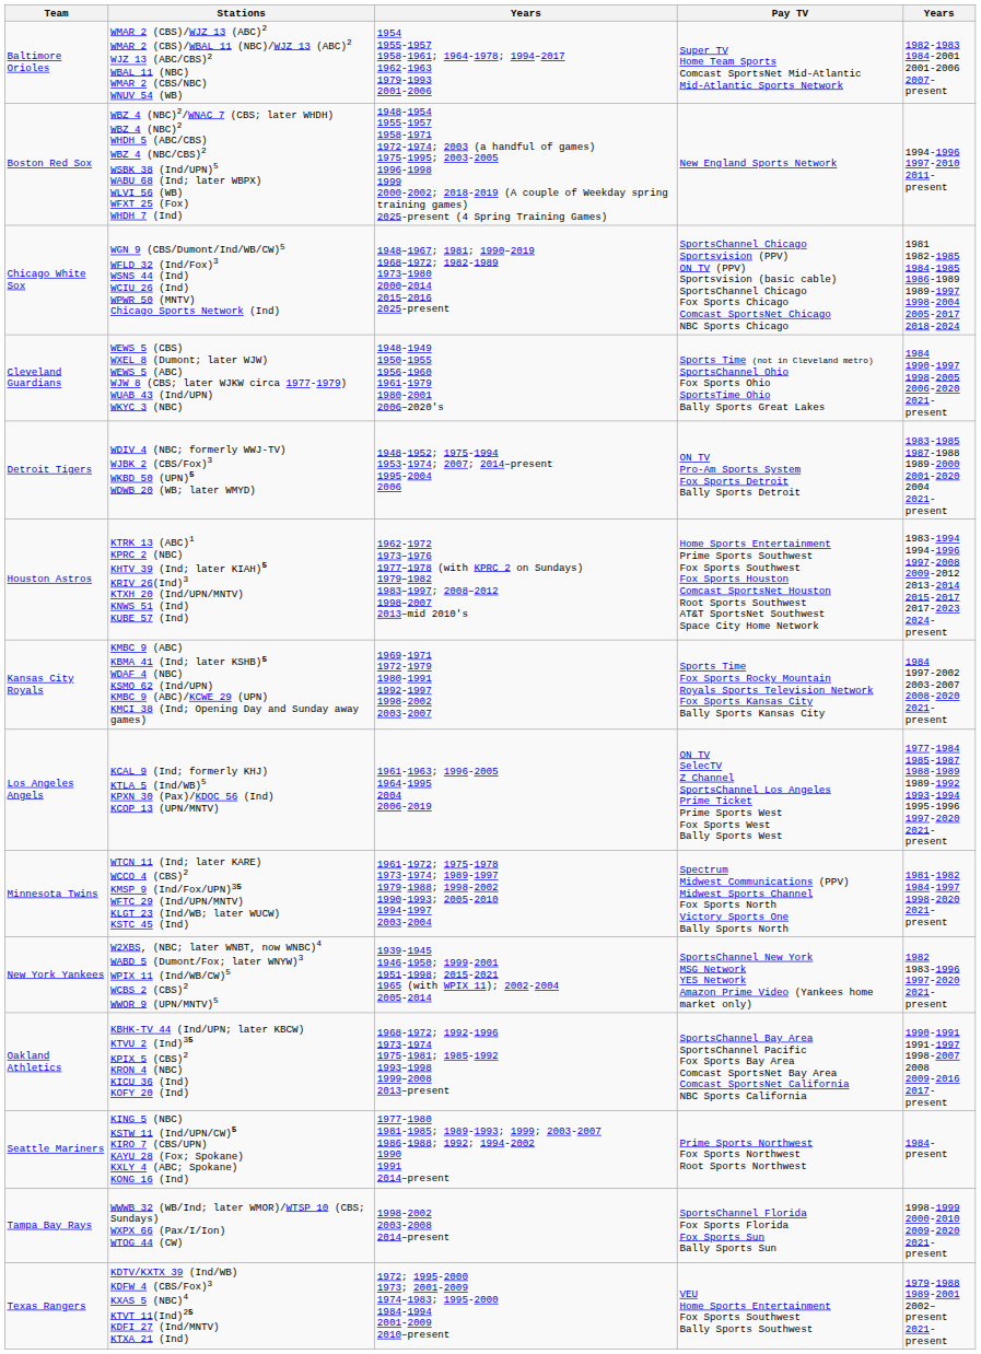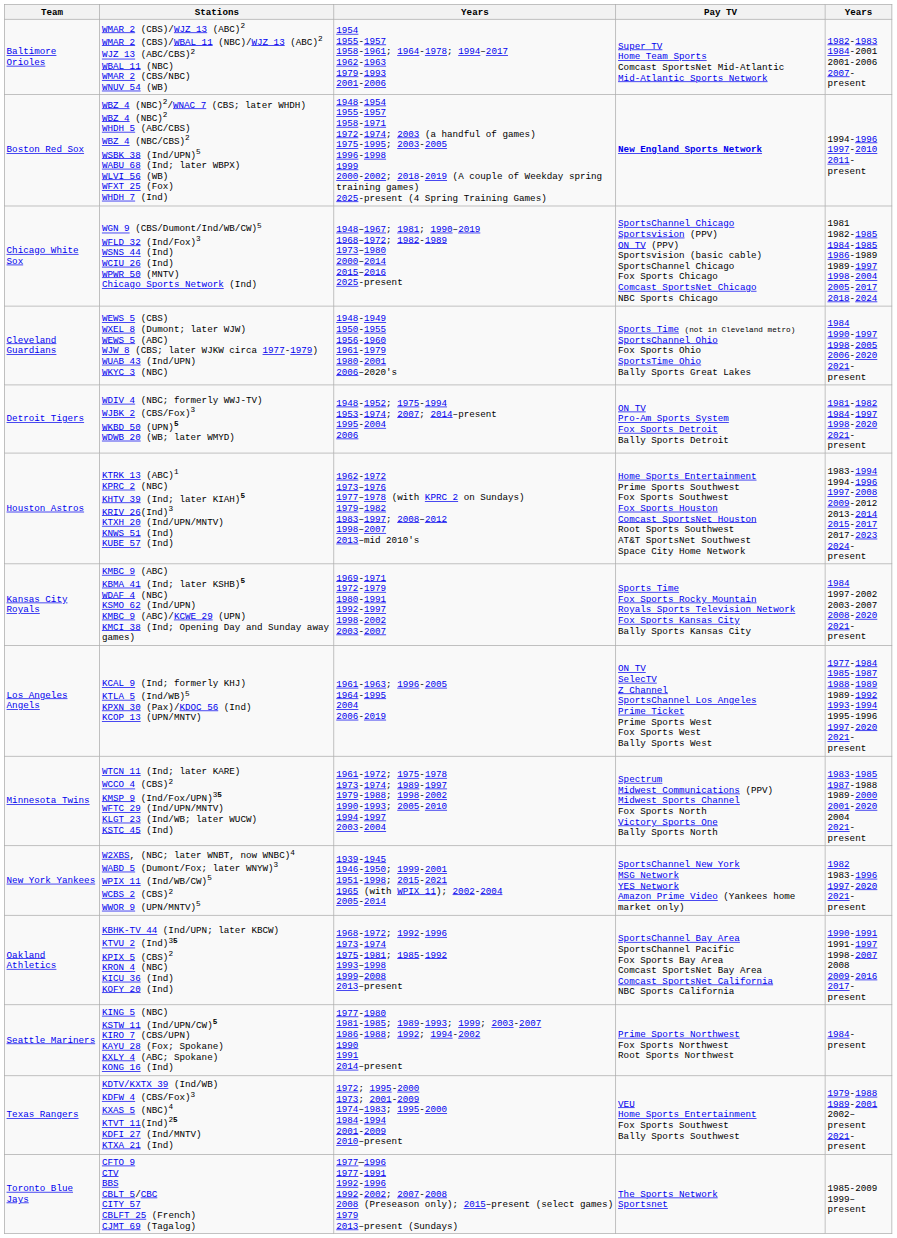 <table class="wikitable">
 <tr>
 <th>Team</th>
 <th>Stations</th>
 <th>Years</th>
 <th>Pay TV</th>
 <th>Years</th>
 </tr>
 <tr>
 <td><a href='#'>Baltimore Orioles</a></td>
 <td><a href='#'>WMAR 2</a> (CBS)/<a href='#'>WJZ 13</a> (ABC)<sup>2</sup><br><a href='#'>WMAR 2</a> (CBS)/<a href='#'>WBAL 11</a> (NBC)/<a href='#'>WJZ 13</a> (ABC)<sup>2</sup><br><a href='#'>WJZ 13</a> (ABC/CBS)<sup>2</sup><br><a href='#'>WBAL 11</a> (NBC)<br><a href='#'>WMAR 2</a> (CBS/NBC)<br><a href='#'>WNUV 54</a> (WB)</td>
 <td><a href='#'>1954</a><br><a href='#'>1955</a>-<a href='#'>1957</a><br><a href='#'>1958</a>-<a href='#'>1961</a>; <a href='#'>1964</a>-<a href='#'>1978</a>; <a href='#'>1994</a>–<a href='#'>2017</a><br><a href='#'>1962</a>-<a href='#'>1963</a><br><a href='#'>1979</a>-<a href='#'>1993</a><br><a href='#'>2001</a>-<a href='#'>2006</a></td>
 <td><br><a href='#'>Super TV</a><br> <a href='#'>Home Team Sports</a><br> Comcast SportsNet Mid-Atlantic<br> <a href='#'>Mid-Atlantic Sports Network</a></td>
 <td><br><a href='#'>1982</a>-<a href='#'>1983</a><br> <a href='#'>1984</a>-2001<br> 2001-2006<br> <a href='#'>2007</a>-present</td>
 </tr>
 <tr>
 <td><a href='#'>Boston Red Sox</a></td>
 <td><a href='#'>WBZ 4</a> (NBC)<sup>2</sup>/<a href='#'>WNAC 7</a> (CBS; later WHDH)<br><a href='#'>WBZ 4</a> (NBC)<sup>2</sup><br><a href='#'>WHDH 5</a> (ABC/CBS)<br><a href='#'>WBZ 4</a> (NBC/CBS)<sup>2</sup><br><a href='#'>WSBK 38</a> (Ind/UPN)<sup>5</sup><br><a href='#'>WABU 68</a> (Ind; later WBPX)<br><a href='#'>WLVI 56</a> (WB)<br><a href='#'>WFXT 25</a> (Fox)<br><a href='#'>WHDH 7</a> (Ind)</td>
 <td><a href='#'>1948</a>-<a href='#'>1954</a><br><a href='#'>1955</a>-<a href='#'>1957</a><br><a href='#'>1958</a>-<a href='#'>1971</a><br><a href='#'>1972</a>-<a href='#'>1974</a>; <a href='#'>2003</a> (a handful of games)<br><a href='#'>1975</a>-<a href='#'>1995</a>; <a href='#'>2003</a>-<a href='#'>2005</a><br><a href='#'>1996</a>-<a href='#'>1998</a><br><a href='#'>1999</a><br><a href='#'>2000</a>-<a href='#'>2002</a>; <a href='#'>2018</a>-<a href='#'>2019</a> (A couple of Weekday spring training games)<br><a href='#'>2025</a>-present (4 Spring Training Games)</td>
-<td><a href='#'>New England Sports Network</a></td>
+<td><strong><a href='#'>New England Sports Network</a></strong></td>
 <td><br>1994-<a href='#'>1996</a><br> <a href='#'>1997</a>-<a href='#'>2010</a><br> <a href='#'>2011</a>-present</td>
 </tr>
 <tr>
 <td><a href='#'>Chicago White Sox</a></td>
 <td><a href='#'>WGN 9</a> (CBS/Dumont/Ind/WB/CW)<sup>5</sup><br><a href='#'>WFLD 32</a> (Ind/Fox)<sup>3</sup><br><a href='#'>WSNS 44</a> (Ind)<br><a href='#'>WCIU 26</a> (Ind)<br><a href='#'>WPWR 50</a> (MNTV)<br><a href='#'>Chicago Sports Network</a> (Ind)</td>
 <td><a href='#'>1948</a>–<a href='#'>1967</a>; <a href='#'>1981</a>; <a href='#'>1990</a>–<a href='#'>2019</a><br><a href='#'>1968</a>–<a href='#'>1972</a>; <a href='#'>1982</a>-<a href='#'>1989</a><br><a href='#'>1973</a>–<a href='#'>1980</a><br><a href='#'>2000</a>–<a href='#'>2014</a><br><a href='#'>2015</a>–<a href='#'>2016</a><br><a href='#'>2025</a>-present</td>
 <td><br><a href='#'>SportsChannel Chicago</a><br> <a href='#'>Sportsvision</a> (PPV)<br> <a href='#'>ON TV</a> (PPV)<br> Sportsvision (basic cable)<br> SportsChannel Chicago<br>  Fox Sports Chicago<br> <a href='#'>Comcast SportsNet Chicago</a><br> NBC Sports Chicago</td>
 <td><br>1981<br> 1982-<a href='#'>1985</a><br> <a href='#'>1984</a>-<a href='#'>1985</a><br> <a href='#'>1986</a>-1989<br> 1989-<a href='#'>1997</a><br> <a href='#'>1998</a>-<a href='#'>2004</a><br> <a href='#'>2005</a>-<a href='#'>2017</a><br> <a href='#'>2018</a>-<a href='#'>2024</a></td>
 </tr>
 <tr>
 <td><a href='#'>Cleveland Guardians</a></td>
 <td><a href='#'>WEWS 5</a> (CBS)<br><a href='#'>WXEL 8</a> (Dumont; later WJW)<br><a href='#'>WEWS 5</a> (ABC)<br><a href='#'>WJW 8</a> (CBS; later WJKW circa <a href='#'>1977</a>-<a href='#'>1979</a>)<br><a href='#'>WUAB 43</a> (Ind/UPN)<br><a href='#'>WKYC 3</a> (NBC)</td>
 <td><a href='#'>1948</a>-<a href='#'>1949</a><br><a href='#'>1950</a>-<a href='#'>1955</a><br><a href='#'>1956</a>-<a href='#'>1960</a><br><a href='#'>1961</a>-<a href='#'>1979</a><br><a href='#'>1980</a>-<a href='#'>2001</a><br><a href='#'>2006</a>–2020's</td>
 <td><br><a href='#'>Sports Time</a> <small>(not in Cleveland metro)</small><br> <a href='#'>SportsChannel Ohio</a><br> Fox Sports Ohio<br> <a href='#'>SportsTime Ohio</a><br> Bally Sports Great Lakes</td>
 <td><br><a href='#'>1984</a><br> <a href='#'>1990</a>-<a href='#'>1997</a><br> <a href='#'>1998</a>-<a href='#'>2005</a><br> <a href='#'>2006</a>-<a href='#'>2020</a><br> <a href='#'>2021</a>-present</td>
 </tr>
 <tr>
 <td><a href='#'>Detroit Tigers</a></td>
 <td><a href='#'>WDIV 4</a> (NBC; formerly WWJ-TV)<br><a href='#'>WJBK 2</a> (CBS/Fox)<sup>3</sup><br><a href='#'>WKBD 50</a> (UPN)<sup><strong>5</strong></sup><br><a href='#'>WDWB 20</a> (WB; later WMYD)</td>
 <td><a href='#'>1948</a>-<a href='#'>1952</a>; <a href='#'>1975</a>-<a href='#'>1994</a><br><a href='#'>1953</a>-<a href='#'>1974</a>; <a href='#'>2007</a>; <a href='#'>2014</a>–present<br><a href='#'>1995</a>-<a href='#'>2004</a><br><a href='#'>2006</a></td>
 <td><br><a href='#'>ON TV</a><br> <a href='#'>Pro-Am Sports System</a><br> <a href='#'>Fox Sports Detroit</a><br> Bally Sports Detroit</td>
-<td><br><a href='#'>1983</a>-<a href='#'>1985</a><br> <a href='#'>1987</a>-1988<br> 1989-<a href='#'>2000</a><br> <a href='#'>2001</a>-<a href='#'>2020</a><br> 2004<br> <a href='#'>2021</a>-present<br></td>
+<td><br><a href='#'>1981</a>-<a href='#'>1982</a><br> <a href='#'>1984</a>-<a href='#'>1997</a><br> <a href='#'>1998</a>-<a href='#'>2020</a><br> <a href='#'>2021</a>-present</td>
 </tr>
 <tr>
 <td><a href='#'>Houston Astros</a></td>
 <td><a href='#'>KTRK 13</a> (ABC)<sup>1</sup><br><a href='#'>KPRC 2</a> (NBC)<br><a href='#'>KHTV 39</a> (Ind; later KIAH)<sup><strong>5</strong></sup><br><a href='#'>KRIV 26</a>(Ind)<sup>3</sup><br><a href='#'>KTXH 20</a> (Ind/UPN/MNTV)<br><a href='#'>KNWS 51</a> (Ind)<br><a href='#'>KUBE 57</a> (Ind)</td>
 <td><a href='#'>1962</a>-<a href='#'>1972</a><br><a href='#'>1973</a>–<a href='#'>1976</a><br><a href='#'>1977</a>–<a href='#'>1978</a> (with <a href='#'>KPRC 2</a> on Sundays)<br><a href='#'>1979</a>–<a href='#'>1982</a><br><a href='#'>1983</a>–<a href='#'>1997</a>; <a href='#'>2008</a>–<a href='#'>2012</a><br><a href='#'>1998</a>–<a href='#'>2007</a><br><a href='#'>2013</a>–mid 2010's</td>
 <td><br><a href='#'>Home Sports Entertainment</a><br>  Prime Sports Southwest<br> Fox Sports Southwest<br> <a href='#'>Fox Sports Houston</a><br> <a href='#'>Comcast SportsNet Houston</a><br> Root Sports Southwest<br> AT&T SportsNet Southwest<br> Space City Home Network</td>
 <td><br>1983-<a href='#'>1994</a><br> 1994-<a href='#'>1996</a><br> <a href='#'>1997</a>-<a href='#'>2008</a><br> <a href='#'>2009</a>-2012<br> 2013-<a href='#'>2014</a><br> <a href='#'>2015</a>-<a href='#'>2017</a><br> 2017-<a href='#'>2023</a><br> <a href='#'>2024</a>-present</td>
 </tr>
 <tr>
 <td><a href='#'>Kansas City Royals</a></td>
 <td><a href='#'>KMBC 9</a> (ABC)<br><a href='#'>KBMA 41</a> (Ind; later KSHB)<sup><strong>5</strong></sup><br><a href='#'>WDAF 4</a> (NBC)<br><a href='#'>KSMO 62</a> (Ind/UPN)<br><a href='#'>KMBC 9</a> (ABC)/<a href='#'>KCWE 29</a> (UPN)<br><a href='#'>KMCI 38</a> (Ind; Opening Day and Sunday away games)</td>
 <td><a href='#'>1969</a>-<a href='#'>1971</a><br><a href='#'>1972</a>-<a href='#'>1979</a><br><a href='#'>1980</a>-<a href='#'>1991</a><br><a href='#'>1992</a>-<a href='#'>1997</a><br><a href='#'>1998</a>-<a href='#'>2002</a><br><a href='#'>2003</a>-<a href='#'>2007</a></td>
 <td><br><a href='#'>Sports Time</a><br> <a href='#'>Fox Sports Rocky Mountain</a><br> <a href='#'>Royals Sports Television Network</a><br> <a href='#'>Fox Sports Kansas City</a><br> Bally Sports Kansas City</td>
 <td><br><a href='#'>1984</a><br> 1997-2002<br> 2003-2007<br> <a href='#'>2008</a>-<a href='#'>2020</a><br> <a href='#'>2021</a>-present</td>
 </tr>
 <tr>
 <td><a href='#'>Los Angeles Angels</a></td>
 <td><a href='#'>KCAL 9</a> (Ind; formerly KHJ)<br><a href='#'>KTLA 5</a> (Ind/WB)<sup>5</sup><br><a href='#'>KPXN 30</a> (Pax)/<a href='#'>KDOC 56</a> (Ind)<br><a href='#'>KCOP 13</a> (UPN/MNTV)</td>
 <td><a href='#'>1961</a>-<a href='#'>1963</a>; <a href='#'>1996</a>-<a href='#'>2005</a><br><a href='#'>1964</a>-<a href='#'>1995</a><br><a href='#'>2004</a><br><a href='#'>2006</a>-<a href='#'>2019</a></td>
 <td><br><a href='#'>ON TV</a><br> <a href='#'>SelecTV</a><br> <a href='#'>Z Channel</a><br> <a href='#'>SportsChannel Los Angeles</a><br> <a href='#'>Prime Ticket</a><br> Prime Sports West<br> Fox Sports West<br> Bally Sports West<br></td>
 <td><br><a href='#'>1977</a>-<a href='#'>1984</a><br> <a href='#'>1985</a>-<a href='#'>1987</a><br> <a href='#'>1988</a>-<a href='#'>1989</a><br> 1989-<a href='#'>1992</a><br> <a href='#'>1993</a>-<a href='#'>1994</a><br> 1995-1996<br> <a href='#'>1997</a>-<a href='#'>2020</a><br> <a href='#'>2021</a>-present</td>
 </tr>
 <tr>
 <td><a href='#'>Minnesota Twins</a></td>
 <td><a href='#'>WTCN 11</a> (Ind; later KARE)<br><a href='#'>WCCO 4</a> (CBS)<sup>2</sup><br><a href='#'>KMSP 9</a> (Ind/Fox/UPN)<sup>3<strong>5</strong></sup><br><a href='#'>WFTC 29</a> (Ind/UPN/MNTV)<br><a href='#'>KLGT 23</a> (Ind/WB; later WUCW)<br><a href='#'>KSTC 45</a> (Ind)</td>
 <td><a href='#'>1961</a>-<a href='#'>1972</a>; <a href='#'>1975</a>-<a href='#'>1978</a><br><a href='#'>1973</a>-<a href='#'>1974</a>; <a href='#'>1989</a>-<a href='#'>1997</a><br><a href='#'>1979</a>-<a href='#'>1988</a>; <a href='#'>1998</a>-<a href='#'>2002</a><br><a href='#'>1990</a>-<a href='#'>1993</a>; <a href='#'>2005</a>-<a href='#'>2010</a><br><a href='#'>1994</a>-<a href='#'>1997</a><br><a href='#'>2003</a>-<a href='#'>2004</a></td>
 <td><br><a href='#'>Spectrum</a><br> <a href='#'>Midwest Communications</a> (PPV)<br> <a href='#'>Midwest Sports Channel</a><br> Fox Sports North<br> <a href='#'>Victory Sports One</a><br> Bally Sports North<br></td>
-<td><br><a href='#'>1981</a>-<a href='#'>1982</a><br> <a href='#'>1984</a>-<a href='#'>1997</a><br> <a href='#'>1998</a>-<a href='#'>2020</a><br> <a href='#'>2021</a>-present</td>
+<td><br><a href='#'>1983</a>-<a href='#'>1985</a><br> <a href='#'>1987</a>-1988<br> 1989-<a href='#'>2000</a><br> <a href='#'>2001</a>-<a href='#'>2020</a><br> 2004<br> <a href='#'>2021</a>-present<br></td>
 </tr>
 <tr>
 <td><a href='#'>New York Yankees</a></td>
 <td><a href='#'>W2XBS</a>, (NBC; later WNBT, now WNBC)<sup>4</sup><br><a href='#'>WABD 5</a> (Dumont/Fox; later WNYW)<sup>3</sup><br><a href='#'>WPIX 11</a> (Ind/WB/CW)<sup>5</sup><br><a href='#'>WCBS 2</a> (CBS)<sup>2</sup><br><a href='#'>WWOR 9</a> (UPN/MNTV)<sup>5</sup></td>
 <td><a href='#'>1939</a>-<a href='#'>1945</a><br><a href='#'>1946</a>-<a href='#'>1950</a>; <a href='#'>1999</a>-<a href='#'>2001</a><br><a href='#'>1951</a>-<a href='#'>1998</a>; <a href='#'>2015</a>-<a href='#'>2021</a><br><a href='#'>1965</a> (with <a href='#'>WPIX 11</a>); <a href='#'>2002</a>-<a href='#'>2004</a><br><a href='#'>2005</a>-<a href='#'>2014</a></td>
 <td><br><a href='#'>SportsChannel New York</a><br> <a href='#'>MSG Network</a><br> <a href='#'>YES Network</a><br> <a href='#'>Amazon Prime Video</a> (Yankees home market only)</td>
 <td><br><a href='#'>1982</a><br> 1983-<a href='#'>1996</a><br> <a href='#'>1997</a>-<a href='#'>2020</a><br> <a href='#'>2021</a>-present</td>
 </tr>
 <tr>
 <td><a href='#'>Oakland Athletics</a></td>
 <td><a href='#'>KBHK-TV 44</a> (Ind/UPN; later KBCW)<br><a href='#'>KTVU 2</a> (Ind)<sup>3<strong>5</strong></sup><br><a href='#'>KPIX 5</a> (CBS)<sup>2</sup><br><a href='#'>KRON 4</a> (NBC)<br><a href='#'>KICU 36</a> (Ind)<br><a href='#'>KOFY 20</a> (Ind)</td>
 <td><a href='#'>1968</a>-<a href='#'>1972</a>; <a href='#'>1992</a>-<a href='#'>1996</a><br><a href='#'>1973</a>-<a href='#'>1974</a><br><a href='#'>1975</a>-<a href='#'>1981</a>; <a href='#'>1985</a>-<a href='#'>1992</a><br><a href='#'>1993</a>–<a href='#'>1998</a><br><a href='#'>1999</a>–<a href='#'>2008</a><br><a href='#'>2013</a>–present</td>
 <td><br><a href='#'>SportsChannel Bay Area</a><br> SportsChannel Pacific<br> Fox Sports Bay Area<br> Comcast SportsNet Bay Area<br> <a href='#'>Comcast SportsNet California</a><br> NBC Sports California<br></td>
 <td><br><a href='#'>1990</a>-<a href='#'>1991</a><br> 1991-<a href='#'>1997</a><br> 1998-<a href='#'>2007</a><br> 2008<br> <a href='#'>2009</a>-<a href='#'>2016</a><br> <a href='#'>2017</a>-present</td>
 </tr>
 <tr>
 <td><a href='#'>Seattle Mariners</a></td>
 <td><a href='#'>KING 5</a> (NBC)<br><a href='#'>KSTW 11</a> (Ind/UPN/CW)<sup><strong>5</strong></sup><br><a href='#'>KIRO 7</a> (CBS/UPN)<br><a href='#'>KAYU 28</a> (Fox; Spokane)<br><a href='#'>KXLY 4</a> (ABC; Spokane)<br><a href='#'>KONG 16</a> (Ind)</td>
 <td><a href='#'>1977</a>-<a href='#'>1980</a><br><a href='#'>1981</a>-<a href='#'>1985</a>; <a href='#'>1989</a>-<a href='#'>1993</a>; <a href='#'>1999</a>; <a href='#'>2003</a>-<a href='#'>2007</a><br><a href='#'>1986</a>-<a href='#'>1988</a>; <a href='#'>1992</a>; <a href='#'>1994</a>-<a href='#'>2002</a><br><a href='#'>1990</a><br><a href='#'>1991</a><br><a href='#'>2014</a>–present</td>
 <td><br><a href='#'>Prime Sports Northwest</a><br> Fox Sports Northwest<br> Root Sports Northwest</td>
 <td><a href='#'>1984</a>-present</td>
 </tr>
 <tr>
-<td><a href='#'>Tampa Bay Rays</a></td>
-<td><a href='#'>WWWB 32</a> (WB/Ind; later WMOR)/<a href='#'>WTSP 10</a> (CBS; Sundays)<br><a href='#'>WXPX 66</a> (Pax/I/Ion)<br><a href='#'>WTOG 44</a> (CW)</td>
-<td><a href='#'>1998</a>-<a href='#'>2002</a><br><a href='#'>2003</a>-<a href='#'>2008</a><br><a href='#'>2014</a>–present</td>
-<td><br><a href='#'>SportsChannel Florida</a><br> Fox Sports Florida<br> <a href='#'>Fox Sports Sun</a><br> Bally Sports Sun</td>
-<td><br>1998-<a href='#'>1999</a><br> <a href='#'>2000</a>-<a href='#'>2010</a><br> <a href='#'>2009</a>-<a href='#'>2020</a><br> <a href='#'>2021</a>-present</td>
-</tr>
-<tr>
 <td><a href='#'>Texas Rangers</a></td>
 <td><a href='#'>KDTV/KXTX 39</a> (Ind/WB)<br><a href='#'>KDFW 4</a> (CBS/Fox)<sup>3</sup><br><a href='#'>KXAS 5</a> (NBC)<sup>4</sup><br><a href='#'>KTVT 11</a>(Ind)<sup>2<strong>5</strong></sup><br><a href='#'>KDFI 27</a> (Ind/MNTV)<br><a href='#'>KTXA 21</a> (Ind)</td>
 <td><a href='#'>1972</a>; <a href='#'>1995</a>-<a href='#'>2000</a><br><a href='#'>1973</a>; <a href='#'>2001</a>-<a href='#'>2009</a><br><a href='#'>1974</a>–<a href='#'>1983</a>; <a href='#'>1995</a>-<a href='#'>2000</a><br><a href='#'>1984</a>-<a href='#'>1994</a><br><a href='#'>2001</a>-<a href='#'>2009</a><br><a href='#'>2010</a>–present</td>
 <td><br><a href='#'>VEU</a><br> <a href='#'>Home Sports Entertainment</a><br> Fox Sports Southwest<br> Bally Sports Southwest</td>
 <td><br><a href='#'>1979</a>-<a href='#'>1988</a><br> <a href='#'>1989</a>-<a href='#'>2001</a><br> 2002–present<br> <a href='#'>2021</a>-present</td>
 </tr>
+<tr>
+<td><a href='#'>Toronto Blue Jays</a></td>
+<td><a href='#'>CFTO 9</a><br><a href='#'>CTV</a><br><a href='#'>BBS</a><br><a href='#'>CBLT 5</a>/<a href='#'>CBC</a><br><a href='#'>CITY 57</a><br><a href='#'>CBLFT 25</a> (French)<br><a href='#'>CJMT 69</a> (Tagalog)</td>
+<td><a href='#'>1977</a>—<a href='#'>1996</a><br><a href='#'>1977</a>-<a href='#'>1991</a><br><a href='#'>1992</a>-<a href='#'>1996</a><br><a href='#'>1992</a>-<a href='#'>2002</a>; <a href='#'>2007</a>-<a href='#'>2008</a><br><a href='#'>2008</a> (Preseason only); <a href='#'>2015</a>–present (select games)<br><a href='#'>1979</a><br><a href='#'>2013</a>–present (Sundays)</td>
+<td><br><a href='#'>The Sports Network</a><br> <a href='#'>Sportsnet</a></td>
+<td><br>1985-2009<br> 1999–present</td>
+</tr>
 </table>
